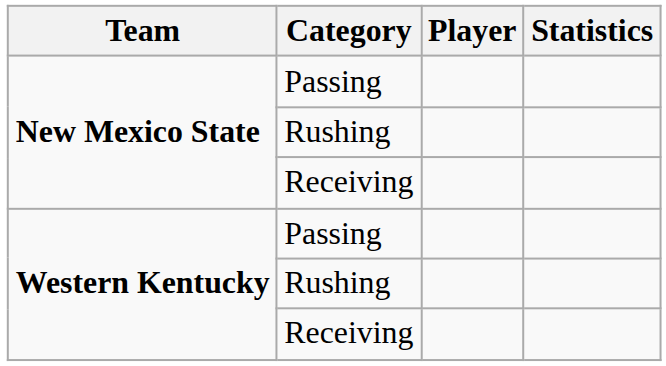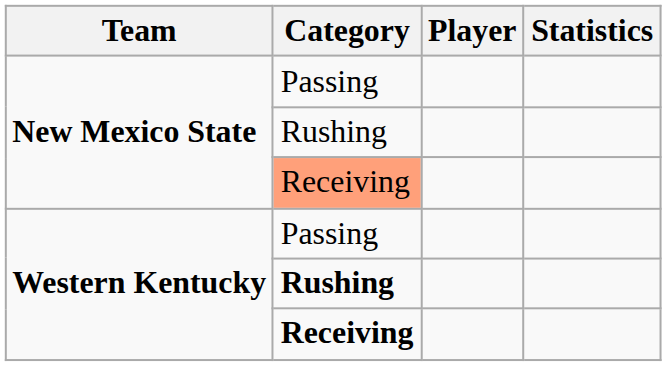 <table class="wikitable" style="float: right;">
 <tr>
 <th>Team</th>
 <th>Category</th>
 <th>Player</th>
 <th>Statistics</th>
 </tr>
 <tr>
 <td rowspan=3><strong>New Mexico State</strong></td>
 <td>Passing</td>
 <td></td>
 <td></td>
 </tr>
 <tr>
 <td>Rushing</td>
 <td></td>
 <td></td>
 </tr>
 <tr>
-<td>Receiving</td>
+<td style="background: lightsalmon;">Receiving</td>
 <td></td>
 <td></td>
 </tr>
 <tr>
 <td rowspan=3><strong>Western Kentucky</strong></td>
 <td>Passing</td>
 <td></td>
 <td></td>
 </tr>
 <tr>
-<td>Rushing</td>
+<td><strong>Rushing</strong></td>
 <td></td>
 <td></td>
 </tr>
 <tr>
-<td>Receiving</td>
+<td><strong>Receiving</strong></td>
 <td></td>
 <td></td>
 </tr>
 </table>
